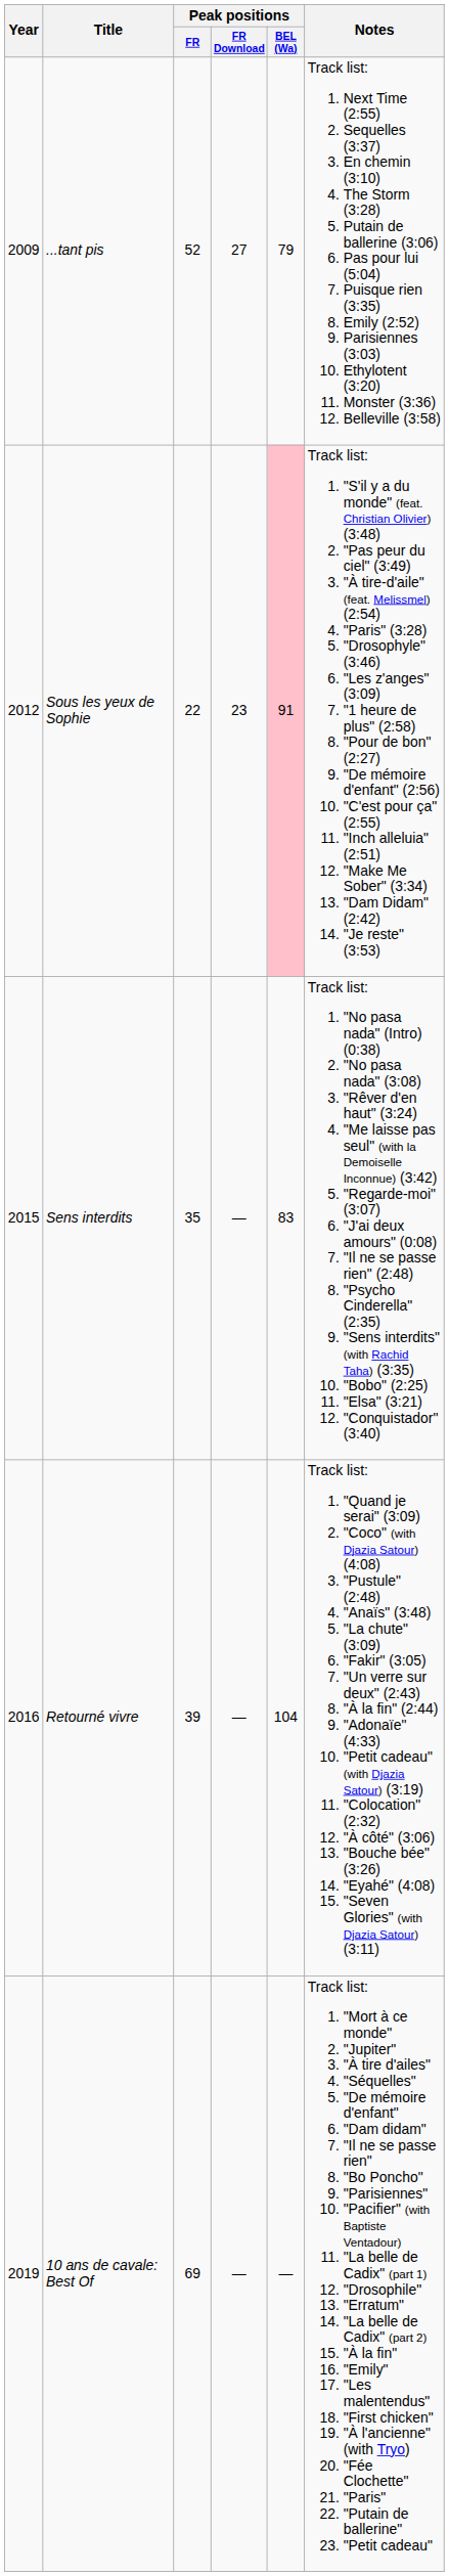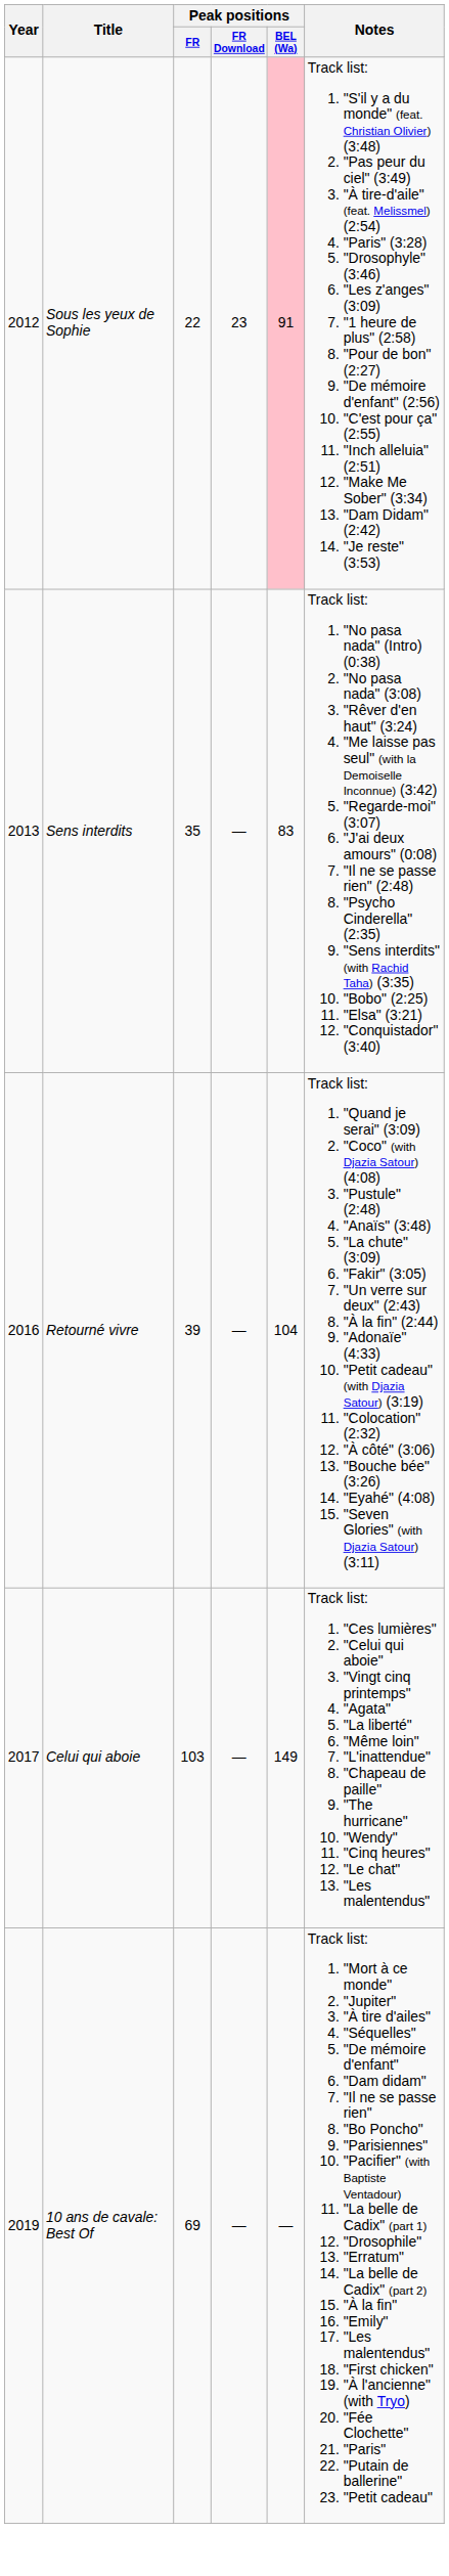 <table class="wikitable">
 <tr>
 <th rowspan="2" width="33">Year</th>
 <th rowspan="2" width="140">Title</th>
 <th colspan="3">Peak positions</th>
 <th rowspan="2" width="150">Notes</th>
 </tr>
 <tr>
 <th style="width:3em;font-size:75%"><a href='#'>FR</a></th>
 <th style="width:3em;font-size:75%"><a href='#'>FR</a> <a href='#'>Download</a></th>
 <th style="width:3em;font-size:75%"><a href='#'>BEL<br>(Wa)</a></th>
 </tr>
 <tr>
-<td align="center">2009</td>
-<td><em>...tant pis</em></td>
-<td align="center">52</td>
-<td align="center">27</td>
-<td align="center">79</td>
-<td>Track list:<br><ol><li>Next Time (2:55)</li><li>Sequelles (3:37)</li><li>En chemin (3:10)</li><li>The Storm (3:28)</li><li>Putain de ballerine (3:06)</li><li>Pas pour lui (5:04)</li><li>Puisque rien (3:35)</li><li>Emily (2:52)</li><li>Parisiennes (3:03)</li><li>Ethylotent (3:20)</li><li>Monster (3:36)</li><li>Belleville (3:58)</li></ol></td>
-</tr>
-<tr>
 <td align="center">2012</td>
 <td><em>Sous les yeux de Sophie</em></td>
 <td align="center">22</td>
 <td align="center">23</td>
 <td align="center" style="background: pink;">91</td>
 <td>Track list:<br><ol><li>"S'il y a du monde" <small>(feat. <a href='#'>Christian Olivier</a>)</small> (3:48)</li><li>"Pas peur du ciel" (3:49)</li><li>"À tire-d'aile" <small>(feat. <a href='#'>Melissmel</a>)</small> (2:54)</li><li>"Paris" (3:28)</li><li>"Drosophyle" (3:46)</li><li>"Les z'anges" (3:09)</li><li>"1 heure de plus" (2:58)</li><li>"Pour de bon" (2:27)</li><li>"De mémoire d'enfant" (2:56)</li><li>"C'est pour ça" (2:55)</li><li>"Inch alleluia" (2:51)</li><li>"Make Me Sober" (3:34)</li><li>"Dam Didam" (2:42)</li><li>"Je reste" (3:53)</li></ol></td>
 </tr>
 <tr>
-<td align="center">2015</td>
+<td align="center">2013</td>
 <td><em>Sens interdits</em></td>
 <td align="center">35</td>
 <td align="center">—</td>
 <td align="center">83</td>
 <td>Track list:<br><ol><li>"No pasa nada" (Intro) (0:38)</li><li>"No pasa nada" (3:08)</li><li>"Rêver d'en haut" (3:24)</li><li>"Me laisse pas seul" <small>(with la Demoiselle Inconnue)</small> (3:42)</li><li>"Regarde-moi" (3:07)</li><li>"J'ai deux amours" (0:08)</li><li>"Il ne se passe rien" (2:48)</li><li>"Psycho Cinderella" (2:35)</li><li>"Sens interdits" <small>(with <a href='#'>Rachid Taha</a>)</small> (3:35)</li><li>"Bobo" (2:25)</li><li>"Elsa" (3:21)</li><li>"Conquistador" (3:40)</li></ol></td>
 </tr>
 <tr>
 <td align="center">2016</td>
 <td><em>Retourné vivre</em></td>
 <td align="center">39</td>
 <td align="center">—</td>
 <td align="center">104</td>
 <td>Track list:<br><ol><li>"Quand je serai" (3:09)</li><li>"Coco" <small>(with <a href='#'>Djazia Satour</a>)</small> (4:08)</li><li>"Pustule" (2:48)</li><li>"Anaïs" (3:48)</li><li>"La chute" (3:09)</li><li>"Fakir" (3:05)</li><li>"Un verre sur deux" (2:43)</li><li>"À la fin" (2:44)</li><li>"Adonaïe" (4:33)</li><li>"Petit cadeau" <small>(with <a href='#'>Djazia Satour</a>)</small> (3:19)</li><li>"Colocation" (2:32)</li><li>"À côté" (3:06)</li><li>"Bouche bée" (3:26)</li><li>"Eyahé" (4:08)</li><li>"Seven Glories" <small>(with <a href='#'>Djazia Satour</a>)</small> (3:11)</li></ol></td>
 </tr>
 <tr>
+<td align="center">2017</td>
+<td><em>Celui qui aboie</em></td>
+<td align="center">103<br></td>
+<td align="center">—</td>
+<td align="center">149</td>
+<td>Track list:<br><ol><li>"Ces lumières"</li><li>"Celui qui aboie"</li><li>"Vingt cinq printemps"</li><li>"Agata"</li><li>"La liberté"</li><li>"Même loin"</li><li>"L'inattendue"</li><li>"Chapeau de paille"</li><li>"The hurricane"</li><li>"Wendy"</li><li>"Cinq heures"</li><li>"Le chat"</li><li>"Les malentendus"</li></ol></td>
+</tr>
+<tr>
 <td align="center">2019</td>
 <td><em>10 ans de cavale: Best Of</em></td>
 <td align="center">69<br></td>
 <td align="center">—</td>
 <td align="center">—</td>
 <td>Track list:<br><ol><li>"Mort à ce monde"</li><li>"Jupiter"</li><li>"À tire d'ailes"</li><li>"Séquelles"</li><li>"De mémoire d'enfant"</li><li>"Dam didam"</li><li>"Il ne se passe rien"</li><li>"Bo Poncho"</li><li>"Parisiennes"</li><li>"Pacifier" <small>(with Baptiste Ventadour)</small></li><li>"La belle de Cadix" <small>(part 1)</small></li><li>"Drosophile"</li><li>"Erratum"</li><li>"La belle de Cadix" <small>(part 2)</small></li><li>"À la fin"</li><li>"Emily"</li><li>"Les malentendus"</li><li>"First chicken"</li><li>"À l'ancienne" (with <a href='#'>Tryo</a>)</li><li>"Fée Clochette"</li><li>"Paris"</li><li>"Putain de ballerine"</li><li>"Petit cadeau"</li></ol></td>
 </tr>
 </table>
